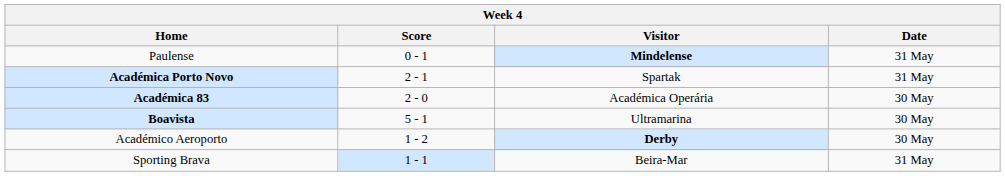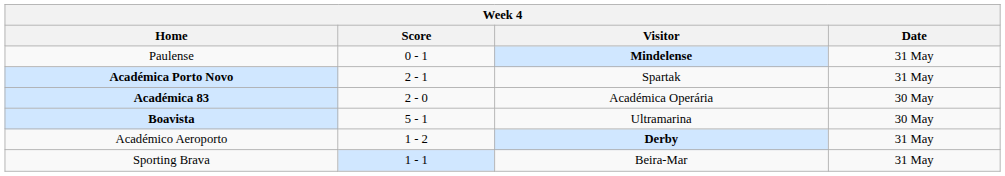 <table class="wikitable" style="margin:1em auto; font-size:95%; text-align: center; width: 95%;">
 <tr>
 <th colspan="12" style="with: 100%;">Week 4</th>
 </tr>
 <tr>
 <th width="200">Home</th>
 <th width="90">Score</th>
 <th width="200">Visitor</th>
 <th width="100">Date</th>
 </tr>
 <tr>
 <td>Paulense</td>
 <td>0 - 1</td>
 <td bgcolor=#D0E7FF><strong>Mindelense</strong></td>
 <td>31 May</td>
 </tr>
 <tr>
 <td bgcolor=#D0E7FF><strong>Académica Porto Novo</strong></td>
 <td>2 - 1</td>
 <td>Spartak</td>
 <td>31 May</td>
 </tr>
 <tr>
 <td bgcolor=#D0E7FF><strong>Académica 83</strong></td>
 <td>2 - 0</td>
 <td>Académica Operária</td>
 <td>30 May</td>
 </tr>
 <tr>
 <td bgcolor=#D0E7FF><strong>Boavista</strong></td>
 <td>5 - 1</td>
 <td>Ultramarina</td>
 <td>30 May</td>
 </tr>
 <tr>
 <td>Académico Aeroporto</td>
 <td>1 - 2</td>
 <td bgcolor=#D0E7FF><strong>Derby</strong></td>
-<td>30 May</td>
+<td>31 May</td>
 </tr>
 <tr>
 <td>Sporting Brava</td>
 <td bgcolor=#D0E7FF>1 - 1</td>
 <td>Beira-Mar</td>
 <td>31 May</td>
 </tr>
 </table>
